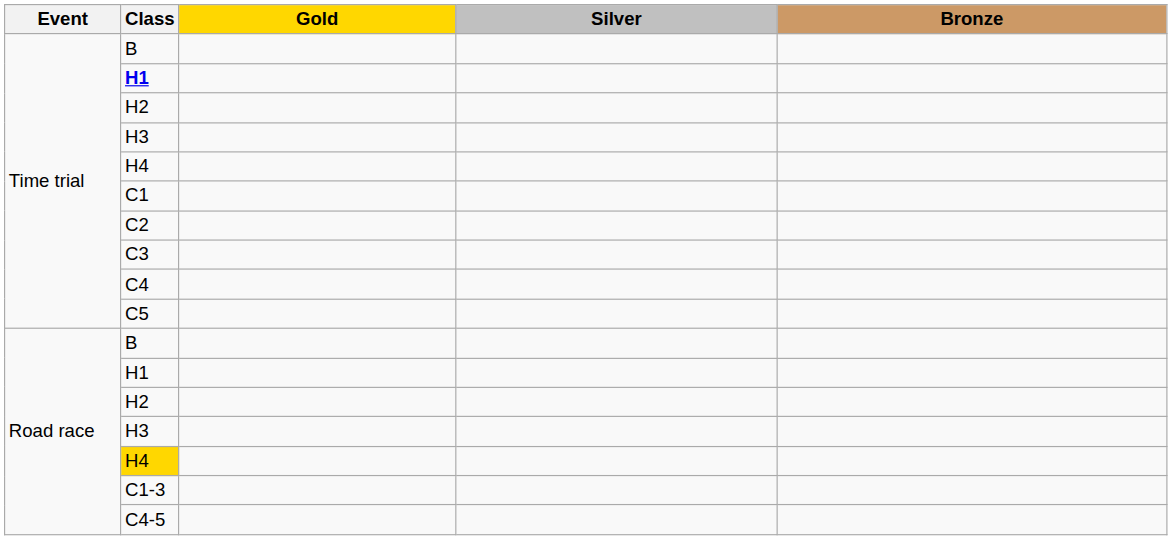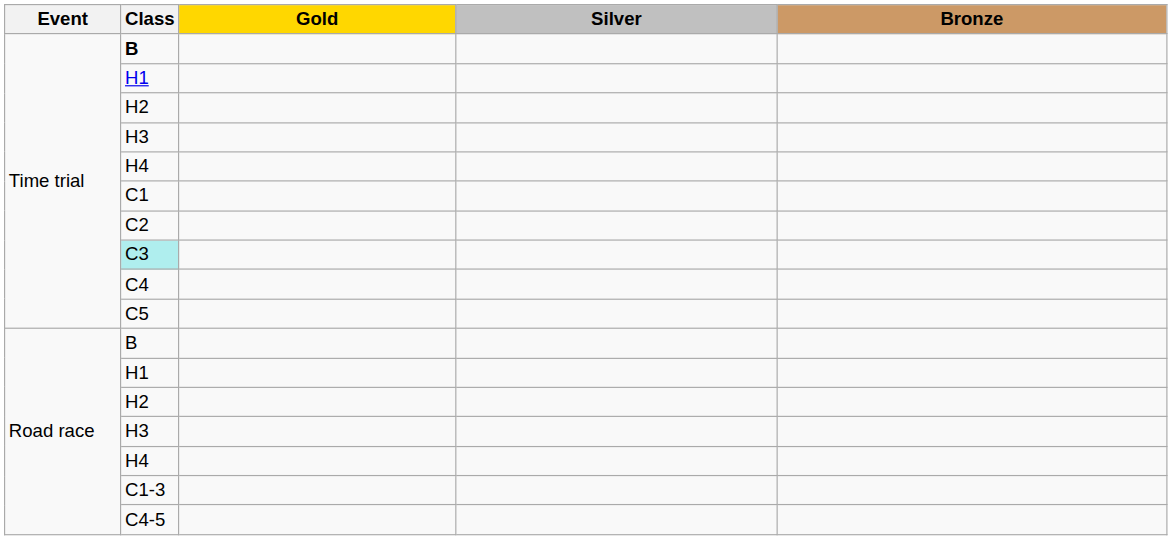 <table class=wikitable style="font-size:100%">
 <tr>
 <th rowspan="1" width="10%">Event</th>
 <th rowspan="1" width="5%">Class</th>
 <th rowspan="1" style="background:gold;">Gold</th>
 <th colspan="1" style="background:silver;">Silver</th>
 <th colspan="1" style="background:#CC9966;">Bronze</th>
 </tr>
 <tr>
 <td rowspan="10">Time trial<br></td>
-<td>B</td>
+<td><strong>B</strong></td>
 <td></td>
 <td></td>
 <td></td>
 </tr>
 <tr>
-<td><strong><a href='#'>H1</a></strong></td>
+<td><a href='#'>H1</a></td>
 <td></td>
 <td></td>
 <td></td>
 </tr>
 <tr>
 <td>H2</td>
 <td></td>
 <td></td>
 <td></td>
 </tr>
 <tr>
 <td>H3</td>
 <td></td>
 <td></td>
 <td></td>
 </tr>
 <tr>
 <td>H4</td>
 <td></td>
 <td></td>
 <td></td>
 </tr>
 <tr>
 <td>C1</td>
 <td></td>
 <td></td>
 <td></td>
 </tr>
 <tr>
 <td>C2</td>
 <td></td>
 <td></td>
 <td></td>
 </tr>
 <tr>
-<td>C3</td>
+<td style="background: paleturquoise;">C3</td>
 <td></td>
 <td></td>
 <td></td>
 </tr>
 <tr>
 <td>C4</td>
 <td></td>
 <td></td>
 <td></td>
 </tr>
 <tr>
 <td>C5</td>
 <td></td>
 <td></td>
 <td></td>
 </tr>
 <tr>
 <td rowspan="7">Road race<br></td>
 <td>B</td>
 <td></td>
 <td></td>
 <td></td>
 </tr>
 <tr>
 <td>H1</td>
 <td></td>
 <td></td>
 <td></td>
 </tr>
 <tr>
 <td>H2</td>
 <td></td>
 <td></td>
 <td></td>
 </tr>
 <tr>
 <td>H3</td>
 <td></td>
 <td></td>
 <td></td>
 </tr>
 <tr>
-<td style="background: gold;">H4</td>
+<td>H4</td>
 <td></td>
 <td></td>
 <td></td>
 </tr>
 <tr>
 <td>C1-3</td>
 <td></td>
 <td></td>
 <td></td>
 </tr>
 <tr>
 <td>C4-5</td>
 <td></td>
 <td></td>
 <td></td>
 </tr>
 </table>
